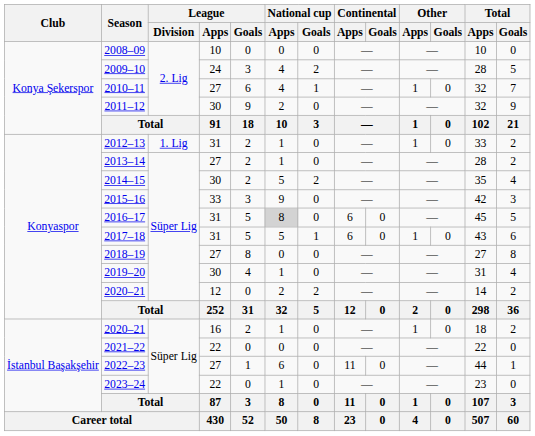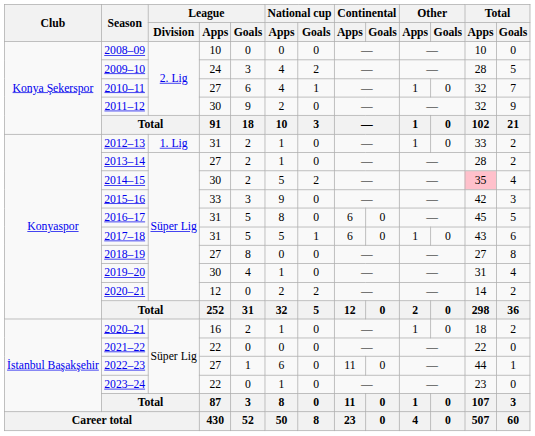 <table class=wikitable style="text-align: center;">
 <tr>
 <th rowspan=2>Club</th>
 <th rowspan=2>Season</th>
 <th colspan=3>League</th>
 <th colspan=2>National cup</th>
 <th colspan=2>Continental</th>
 <th colspan=2>Other</th>
 <th colspan=2>Total</th>
 </tr>
 <tr>
 <th>Division</th>
 <th>Apps</th>
 <th>Goals</th>
 <th>Apps</th>
 <th>Goals</th>
 <th>Apps</th>
 <th>Goals</th>
 <th>Apps</th>
 <th>Goals</th>
 <th>Apps</th>
 <th>Goals</th>
 </tr>
 <tr>
 <td rowspan="5"><a href='#'>Konya Şekerspor</a></td>
 <td><a href='#'>2008–09</a></td>
 <td rowspan="4"><a href='#'>2. Lig</a></td>
 <td>10</td>
 <td>0</td>
 <td>0</td>
 <td>0</td>
 <td colspan="2">—</td>
 <td colspan="2">—</td>
 <td>10</td>
 <td>0</td>
 </tr>
 <tr>
 <td><a href='#'>2009–10</a></td>
 <td>24</td>
 <td>3</td>
 <td>4</td>
 <td>2</td>
 <td colspan="2">—</td>
 <td colspan="2">—</td>
 <td>28</td>
 <td>5</td>
 </tr>
 <tr>
 <td><a href='#'>2010–11</a></td>
 <td>27</td>
 <td>6</td>
 <td>4</td>
 <td>1</td>
 <td colspan="2">—</td>
 <td>1</td>
 <td>0</td>
 <td>32</td>
 <td>7</td>
 </tr>
 <tr>
 <td><a href='#'>2011–12</a></td>
 <td>30</td>
 <td>9</td>
 <td>2</td>
 <td>0</td>
 <td colspan="2">—</td>
 <td colspan="2">—</td>
 <td>32</td>
 <td>9</td>
 </tr>
 <tr>
 <th colspan="2">Total</th>
 <th>91</th>
 <th>18</th>
 <th>10</th>
 <th>3</th>
 <th colspan="2">—</th>
 <th>1</th>
 <th>0</th>
 <th>102</th>
 <th>21</th>
 </tr>
 <tr>
 <td rowspan="10"><a href='#'>Konyaspor</a></td>
 <td><a href='#'>2012–13</a></td>
 <td><a href='#'>1. Lig</a></td>
 <td>31</td>
 <td>2</td>
 <td>1</td>
 <td>0</td>
 <td colspan="2">—</td>
 <td>1</td>
 <td>0</td>
 <td>33</td>
 <td>2</td>
 </tr>
 <tr>
 <td><a href='#'>2013–14</a></td>
 <td rowspan="8"><a href='#'>Süper Lig</a></td>
 <td>27</td>
 <td>2</td>
 <td>1</td>
 <td>0</td>
 <td colspan="2">—</td>
 <td colspan="2">—</td>
 <td>28</td>
 <td>2</td>
 </tr>
 <tr>
 <td><a href='#'>2014–15</a></td>
 <td>30</td>
 <td>2</td>
 <td>5</td>
 <td>2</td>
 <td colspan="2">—</td>
 <td colspan="2">—</td>
-<td>35</td>
+<td style="background: pink;">35</td>
 <td>4</td>
 </tr>
 <tr>
 <td><a href='#'>2015–16</a></td>
 <td>33</td>
 <td>3</td>
 <td>9</td>
 <td>0</td>
 <td colspan="2">—</td>
 <td colspan="2">—</td>
 <td>42</td>
 <td>3</td>
 </tr>
 <tr>
 <td><a href='#'>2016–17</a></td>
 <td>31</td>
 <td>5</td>
-<td style="background: lightgrey;">8</td>
+<td>8</td>
 <td>0</td>
 <td>6</td>
 <td>0</td>
 <td colspan="2">—</td>
 <td>45</td>
 <td>5</td>
 </tr>
 <tr>
 <td><a href='#'>2017–18</a></td>
 <td>31</td>
 <td>5</td>
 <td>5</td>
 <td>1</td>
 <td>6</td>
 <td>0</td>
 <td>1</td>
 <td>0</td>
 <td>43</td>
 <td>6</td>
 </tr>
 <tr>
 <td><a href='#'>2018–19</a></td>
 <td>27</td>
 <td>8</td>
 <td>0</td>
 <td>0</td>
 <td colspan="2">—</td>
 <td colspan="2">—</td>
 <td>27</td>
 <td>8</td>
 </tr>
 <tr>
 <td><a href='#'>2019–20</a></td>
 <td>30</td>
 <td>4</td>
 <td>1</td>
 <td>0</td>
 <td colspan="2">—</td>
 <td colspan="2">—</td>
 <td>31</td>
 <td>4</td>
 </tr>
 <tr>
 <td><a href='#'>2020–21</a></td>
 <td>12</td>
 <td>0</td>
 <td>2</td>
 <td>2</td>
 <td colspan="2">—</td>
 <td colspan="2">—</td>
 <td>14</td>
 <td>2</td>
 </tr>
 <tr>
 <th colspan="2">Total</th>
 <th>252</th>
 <th>31</th>
 <th>32</th>
 <th>5</th>
 <th>12</th>
 <th>0</th>
 <th>2</th>
 <th>0</th>
 <th>298</th>
 <th>36</th>
 </tr>
 <tr>
 <td rowspan="5"><a href='#'>İstanbul Başakşehir</a></td>
 <td><a href='#'>2020–21</a></td>
 <td rowspan="4">Süper Lig</td>
 <td>16</td>
 <td>2</td>
 <td>1</td>
 <td>0</td>
 <td colspan="2">—</td>
 <td>1</td>
 <td>0</td>
 <td>18</td>
 <td>2</td>
 </tr>
 <tr>
 <td><a href='#'>2021–22</a></td>
 <td>22</td>
 <td>0</td>
 <td>0</td>
 <td>0</td>
 <td colspan="2">—</td>
 <td colspan="2">—</td>
 <td>22</td>
 <td>0</td>
 </tr>
 <tr>
 <td><a href='#'>2022–23</a></td>
 <td>27</td>
 <td>1</td>
 <td>6</td>
 <td>0</td>
 <td>11</td>
 <td>0</td>
 <td colspan="2">—</td>
 <td>44</td>
 <td>1</td>
 </tr>
 <tr>
 <td><a href='#'>2023–24</a></td>
 <td>22</td>
 <td>0</td>
 <td>1</td>
 <td>0</td>
 <td colspan="2">—</td>
 <td colspan="2">—</td>
 <td>23</td>
 <td>0</td>
 </tr>
 <tr>
 <th colspan="2">Total</th>
 <th>87</th>
 <th>3</th>
 <th>8</th>
 <th>0</th>
 <th>11</th>
 <th>0</th>
 <th>1</th>
 <th>0</th>
 <th>107</th>
 <th>3</th>
 </tr>
 <tr>
 <th colspan="3">Career total</th>
 <th>430</th>
 <th>52</th>
 <th>50</th>
 <th>8</th>
 <th>23</th>
 <th>0</th>
 <th>4</th>
 <th>0</th>
 <th>507</th>
 <th>60</th>
 </tr>
 </table>
